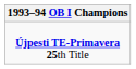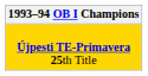 <table class=wikitable style="text-align:center; margin:auto">
 <tr>
 <th>1993–94 <a href='#'>OB I</a> Champions</th>
 </tr>
 <tr>
-<td><br><strong><a href='#'>Újpesti TE-Primavera</a></strong><br><strong>25</strong>th Title</td>
+<td style="background: gold;"><br><strong><a href='#'>Újpesti TE-Primavera</a></strong><br><strong>25</strong>th Title</td>
 </tr>
 </table>
